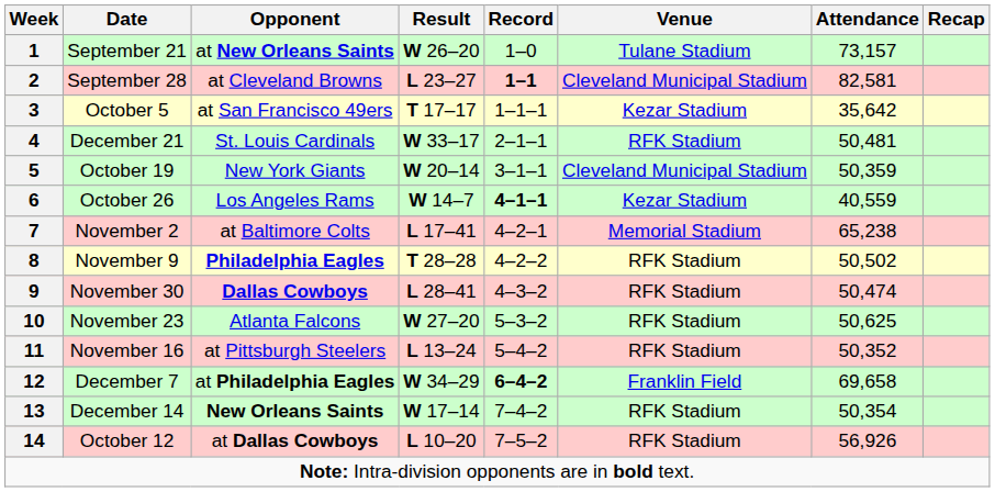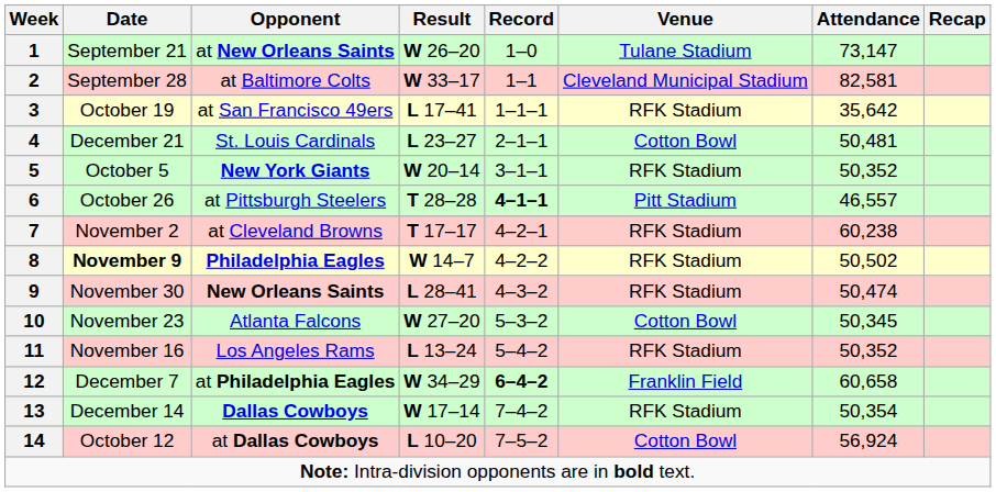 <table class="wikitable" style="text-align:center">
 <tr>
 <th>Week</th>
 <th>Date</th>
 <th>Opponent</th>
 <th>Result</th>
 <th>Record</th>
 <th>Venue</th>
 <th>Attendance</th>
 <th>Recap</th>
 </tr>
 <tr style="background:#cfc">
 <th>1</th>
 <td>September 21</td>
 <td>at <strong><a href='#'>New Orleans Saints</a></strong></td>
 <td><strong>W</strong> 26–20</td>
 <td>1–0</td>
 <td><a href='#'>Tulane Stadium</a></td>
-<td>73,157</td>
+<td>73,147</td>
 <td></td>
 </tr>
 <tr style="background:#fcc">
 <th>2</th>
 <td>September 28</td>
-<td>at <a href='#'>Cleveland Browns</a></td>
-<td><strong>L</strong> 23–27</td>
-<td><strong>1–1</strong></td>
+<td>at <a href='#'>Baltimore Colts</a></td>
+<td><strong>W</strong> 33–17</td>
+<td>1–1</td>
 <td><a href='#'>Cleveland Municipal Stadium</a></td>
 <td>82,581</td>
 <td></td>
 </tr>
 <tr style="background:#ffc">
 <th>3</th>
-<td>October 5</td>
+<td>October 19</td>
 <td>at <a href='#'>San Francisco 49ers</a></td>
-<td><strong>T</strong> 17–17</td>
+<td><strong>L</strong> 17–41</td>
 <td>1–1–1</td>
-<td><a href='#'>Kezar Stadium</a></td>
+<td>RFK Stadium</td>
 <td>35,642</td>
 <td></td>
 </tr>
 <tr style="background:#cfc">
 <th>4</th>
 <td>December 21</td>
 <td><a href='#'>St. Louis Cardinals</a></td>
-<td><strong>W</strong> 33–17</td>
+<td><strong>L</strong> 23–27</td>
 <td>2–1–1</td>
-<td><a href='#'>RFK Stadium</a></td>
+<td><a href='#'>Cotton Bowl</a></td>
 <td>50,481</td>
 <td></td>
 </tr>
 <tr style="background:#cfc">
 <th>5</th>
-<td>October 19</td>
-<td><a href='#'>New York Giants</a></td>
+<td>October 5</td>
+<td><strong><a href='#'>New York Giants</a></strong></td>
 <td><strong>W</strong> 20–14</td>
 <td>3–1–1</td>
-<td><a href='#'>Cleveland Municipal Stadium</a></td>
-<td>50,359</td>
+<td>RFK Stadium</td>
+<td>50,352</td>
 <td></td>
 </tr>
 <tr style="background:#cfc">
 <th>6</th>
 <td>October 26</td>
-<td><a href='#'>Los Angeles Rams</a></td>
-<td><strong>W</strong> 14–7</td>
+<td>at <a href='#'>Pittsburgh Steelers</a></td>
+<td><strong>T</strong> 28–28</td>
 <td><strong>4–1–1</strong></td>
-<td><a href='#'>Kezar Stadium</a></td>
-<td>40,559</td>
+<td><a href='#'>Pitt Stadium</a></td>
+<td>46,557</td>
 <td></td>
 </tr>
 <tr style="background:#fcc">
 <th>7</th>
 <td>November 2</td>
-<td>at <a href='#'>Baltimore Colts</a></td>
-<td><strong>L</strong> 17–41</td>
+<td>at <a href='#'>Cleveland Browns</a></td>
+<td><strong>T</strong> 17–17</td>
 <td>4–2–1</td>
-<td><a href='#'>Memorial Stadium</a></td>
-<td>65,238</td>
+<td>RFK Stadium</td>
+<td>60,238</td>
 <td></td>
 </tr>
 <tr style="background:#ffc">
 <th>8</th>
-<td>November 9</td>
+<td><strong>November 9</strong></td>
 <td><strong><a href='#'>Philadelphia Eagles</a></strong></td>
-<td><strong>T</strong> 28–28</td>
+<td><strong>W</strong> 14–7</td>
 <td>4–2–2</td>
 <td>RFK Stadium</td>
 <td>50,502</td>
 <td></td>
 </tr>
 <tr style="background:#fcc">
 <th>9</th>
 <td>November 30</td>
-<td><strong><a href='#'>Dallas Cowboys</a></strong></td>
+<td><strong>New Orleans Saints</strong></td>
 <td><strong>L</strong> 28–41</td>
 <td>4–3–2</td>
 <td>RFK Stadium</td>
 <td>50,474</td>
 <td></td>
 </tr>
 <tr style="background:#cfc">
 <th>10</th>
 <td>November 23</td>
 <td><a href='#'>Atlanta Falcons</a></td>
 <td><strong>W</strong> 27–20</td>
 <td>5–3–2</td>
-<td>RFK Stadium</td>
-<td>50,625</td>
+<td><a href='#'>Cotton Bowl</a></td>
+<td>50,345</td>
 <td></td>
 </tr>
 <tr style="background:#fcc">
 <th>11</th>
 <td>November 16</td>
-<td>at <a href='#'>Pittsburgh Steelers</a></td>
+<td><a href='#'>Los Angeles Rams</a></td>
 <td><strong>L</strong> 13–24</td>
 <td>5–4–2</td>
 <td>RFK Stadium</td>
 <td>50,352</td>
 <td></td>
 </tr>
 <tr style="background:#cfc">
 <th>12</th>
 <td>December 7</td>
 <td>at <strong>Philadelphia Eagles</strong></td>
 <td><strong>W</strong> 34–29</td>
 <td><strong>6–4–2</strong></td>
 <td><a href='#'>Franklin Field</a></td>
-<td>69,658</td>
+<td>60,658</td>
 <td></td>
 </tr>
 <tr style="background:#cfc">
 <th>13</th>
 <td>December 14</td>
-<td><strong>New Orleans Saints</strong></td>
+<td><strong><a href='#'>Dallas Cowboys</a></strong></td>
 <td><strong>W</strong> 17–14</td>
 <td>7–4–2</td>
 <td>RFK Stadium</td>
 <td>50,354</td>
 <td></td>
 </tr>
 <tr style="background:#fcc">
 <th>14</th>
 <td>October 12</td>
 <td>at <strong>Dallas Cowboys</strong></td>
 <td><strong>L</strong> 10–20</td>
 <td>7–5–2</td>
-<td>RFK Stadium</td>
-<td>56,926</td>
+<td><a href='#'>Cotton Bowl</a></td>
+<td>56,924</td>
 <td></td>
 </tr>
 <tr>
 <td colspan="8"><strong>Note:</strong> Intra-division opponents are in <strong>bold</strong> text.</td>
 </tr>
 </table>
